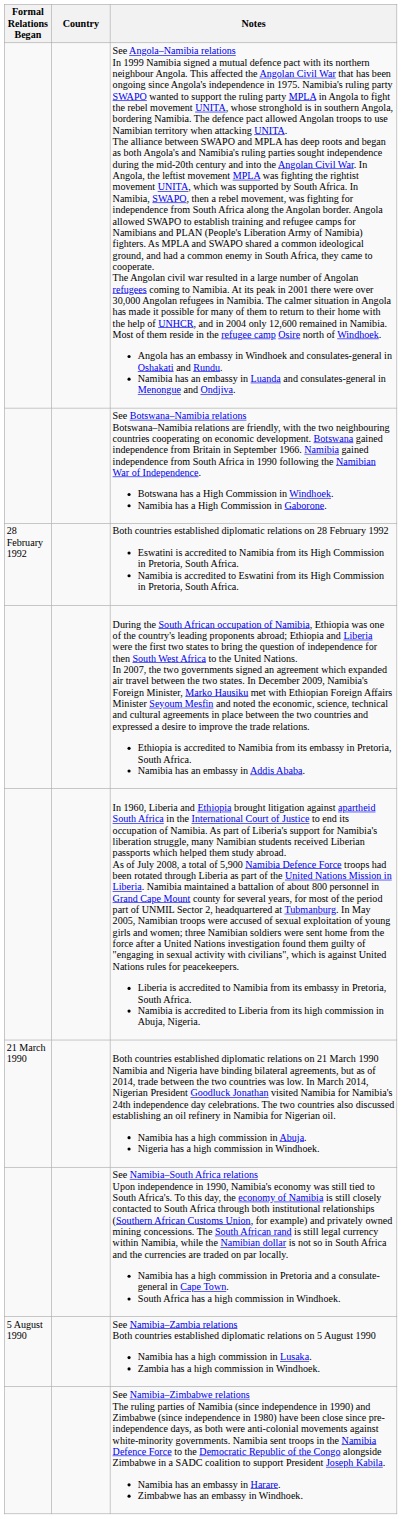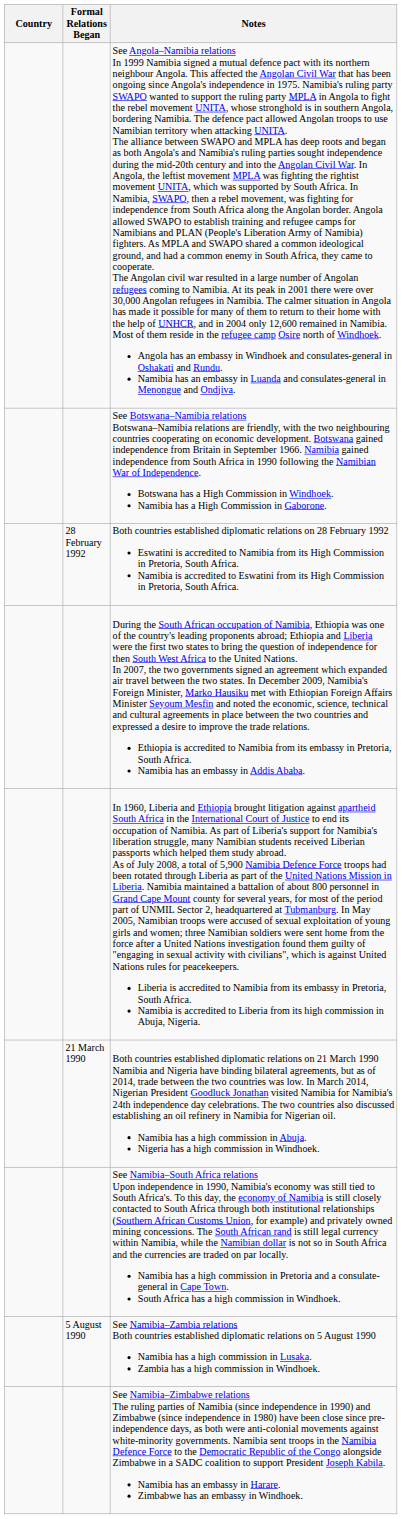 <table class="wikitable sortable" style="width:100%; margin:auto;">
 <tr>
+<th style="width:15%;">Country</th>
 <th style="width:12%;">Formal Relations Began</th>
-<th style="width:15%;">Country</th>
 <th>Notes</th>
 </tr>
 <tr valign="top">
 <td></td>
 <td></td>
 <td>See <a href='#'>Angola–Namibia relations</a><br>In 1999 Namibia signed a mutual defence pact with its northern neighbour Angola. This affected the <a href='#'>Angolan Civil War</a> that has been ongoing since Angola's independence in 1975. Namibia's ruling party <a href='#'>SWAPO</a> wanted to support the ruling party <a href='#'>MPLA</a> in Angola to fight the rebel movement <a href='#'>UNITA</a>, whose stronghold is in southern Angola, bordering Namibia. The defence pact allowed Angolan troops to use Namibian territory when attacking <a href='#'>UNITA</a>.<br>The alliance between SWAPO and MPLA has deep roots and began as both Angola's and Namibia's ruling parties sought independence during the mid-20th century and into the <a href='#'>Angolan Civil War</a>. In Angola, the leftist movement <a href='#'>MPLA</a> was fighting the rightist movement <a href='#'>UNITA</a>, which was supported by South Africa. In Namibia, <a href='#'>SWAPO</a>, then a rebel movement, was fighting for independence from South Africa along the Angolan border. Angola allowed SWAPO to establish training and refugee camps for Namibians and PLAN (People's Liberation Army of Namibia) fighters. As MPLA and SWAPO shared a common ideological ground, and had a common enemy in South Africa, they came to cooperate.<br>The Angolan civil war resulted in a large number of Angolan <a href='#'>refugees</a> coming to Namibia. At its peak in 2001 there were over 30,000 Angolan refugees in Namibia. The calmer situation in Angola has made it possible for many of them to return to their home with the help of <a href='#'>UNHCR</a>, and in 2004 only 12,600 remained in Namibia.  Most of them reside in the <a href='#'>refugee camp</a> <a href='#'>Osire</a> north of <a href='#'>Windhoek</a>.<ul><li>Angola has an embassy in Windhoek and consulates-general in <a href='#'>Oshakati</a> and <a href='#'>Rundu</a>.</li><li>Namibia has an embassy in <a href='#'>Luanda</a> and consulates-general in <a href='#'>Menongue</a> and <a href='#'>Ondjiva</a>.</li></ul></td>
 </tr>
 <tr valign="top">
 <td></td>
 <td></td>
 <td>See <a href='#'>Botswana–Namibia relations</a><br>Botswana–Namibia relations are friendly, with the two neighbouring countries cooperating on economic development. <a href='#'>Botswana</a> gained independence from Britain in September 1966. <a href='#'>Namibia</a> gained independence from South Africa in 1990 following the <a href='#'>Namibian War of Independence</a>.<ul><li>Botswana has a High Commission in <a href='#'>Windhoek</a>.</li><li>Namibia has a High Commission in <a href='#'>Gaborone</a>.</li></ul></td>
 </tr>
 <tr valign="top">
+<td></td>
 <td>28 February 1992</td>
-<td></td>
 <td>Both countries established diplomatic relations on 28 February 1992<br><ul><li>Eswatini is accredited to Namibia from its High Commission in Pretoria, South Africa.</li><li>Namibia is accredited to Eswatini from its High Commission in Pretoria, South Africa.</li></ul></td>
 </tr>
 <tr valign="top">
 <td></td>
 <td></td>
 <td><br>During the <a href='#'>South African occupation of Namibia</a>, Ethiopia was one of the country's leading proponents abroad; Ethiopia and <a href='#'>Liberia</a> were the first two states to bring the question of independence for then <a href='#'>South West Africa</a> to the United Nations.<br>In 2007, the two governments signed an agreement which expanded air travel between the two states. In December 2009, Namibia's Foreign Minister, <a href='#'>Marko Hausiku</a> met with Ethiopian Foreign Affairs Minister <a href='#'>Seyoum Mesfin</a> and noted the economic, science, technical and cultural agreements in place between the two countries and expressed a desire to improve the trade relations.<ul><li>Ethiopia is accredited to Namibia from its embassy in Pretoria, South Africa.</li><li>Namibia has an embassy in <a href='#'>Addis Ababa</a>.</li></ul></td>
 </tr>
 <tr valign="top">
 <td></td>
 <td></td>
 <td><br>In 1960, Liberia and <a href='#'>Ethiopia</a> brought litigation against <a href='#'>apartheid South Africa</a> in the <a href='#'>International Court of Justice</a> to end its occupation of Namibia. As part of Liberia's support for Namibia's liberation struggle, many Namibian students received Liberian passports which helped them study abroad.<br>As of July 2008, a total of 5,900 <a href='#'>Namibia Defence Force</a> troops had been rotated through Liberia as part of the <a href='#'>United Nations Mission in Liberia</a>. Namibia maintained a battalion of about 800 personnel in <a href='#'>Grand Cape Mount</a> county for several years, for most of the period part of UNMIL Sector 2, headquartered at <a href='#'>Tubmanburg</a>. In May 2005, Namibian troops were accused of sexual exploitation of young girls and women; three Namibian soldiers were sent home from the force after a United Nations investigation found them guilty of "engaging in sexual activity with civilians", which is against United Nations rules for peacekeepers.<ul><li>Liberia is accredited to Namibia from its embassy in Pretoria, South Africa.</li><li>Namibia is accredited to Liberia from its high commission in Abuja, Nigeria.</li></ul></td>
 </tr>
 <tr valign="top">
+<td></td>
 <td>21 March 1990</td>
-<td></td>
 <td><br>Both countries established diplomatic relations on 21 March 1990<br>Namibia and Nigeria have binding bilateral agreements, but as of 2014, trade between the two countries was low. In March 2014, Nigerian President <a href='#'>Goodluck Jonathan</a> visited Namibia for Namibia's 24th independence day celebrations. The two countries also discussed establishing an oil refinery in Namibia for Nigerian oil.<ul><li>Namibia has a high commission in <a href='#'>Abuja</a>.</li><li>Nigeria has a high commission in Windhoek.</li></ul></td>
 </tr>
 <tr valign="top">
 <td></td>
 <td></td>
 <td>See <a href='#'>Namibia–South Africa relations</a><br>Upon independence in 1990, Namibia's economy was still tied to South Africa's. To this day, the <a href='#'>economy of Namibia</a> is still closely contacted to South Africa through both institutional relationships (<a href='#'>Southern African Customs Union</a>, for example) and privately owned mining concessions. The <a href='#'>South African rand</a> is still legal currency within Namibia, while the <a href='#'>Namibian dollar</a> is not so in South Africa and the currencies are traded on par locally.<ul><li>Namibia has a high commission in Pretoria and a consulate-general in <a href='#'>Cape Town</a>.</li><li>South Africa has a high commission in Windhoek.</li></ul></td>
 </tr>
 <tr valign="top">
+<td></td>
 <td>5 August 1990</td>
-<td></td>
 <td>See <a href='#'>Namibia–Zambia relations</a><br>Both countries established diplomatic relations on 5 August 1990<ul><li>Namibia has a high commission in <a href='#'>Lusaka</a>.</li><li>Zambia has a high commission in Windhoek.</li></ul></td>
 </tr>
 <tr valign="top">
 <td></td>
 <td></td>
 <td>See <a href='#'>Namibia–Zimbabwe relations</a><br>The ruling parties of Namibia (since independence in 1990) and Zimbabwe (since independence in 1980) have been close since pre-independence days, as both were anti-colonial movements against white-minority governments. Namibia sent troops in the <a href='#'>Namibia Defence Force</a> to the <a href='#'>Democratic Republic of the Congo</a> alongside Zimbabwe in a SADC coalition to support President <a href='#'>Joseph Kabila</a>.<ul><li>Namibia has an embassy in <a href='#'>Harare</a>.</li><li>Zimbabwe has an embassy in Windhoek.</li></ul></td>
 </tr>
 </table>
